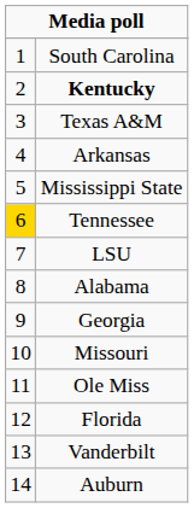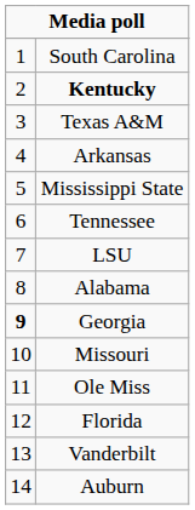 <table class="wikitable">
 <tr align="center">
 <td align="center" Colspan="3"><strong>Media poll</strong></td>
 </tr>
 <tr align="center">
 </tr>
 <tr align="center">
 <td>1</td>
 <td>South Carolina</td>
 </tr>
 <tr align="center">
 <td>2</td>
 <td><strong>Kentucky</strong></td>
 </tr>
 <tr align="center">
 <td>3</td>
 <td>Texas A&M</td>
 </tr>
 <tr align="center">
 <td>4</td>
 <td>Arkansas</td>
 </tr>
 <tr align="center">
 <td>5</td>
 <td>Mississippi State</td>
 </tr>
 <tr align="center">
-<td style="background: gold;">6</td>
+<td>6</td>
 <td>Tennessee</td>
 </tr>
 <tr align="center">
 <td>7</td>
 <td>LSU</td>
 </tr>
 <tr align="center">
 <td>8</td>
 <td>Alabama</td>
 </tr>
 <tr align="center">
-<td>9</td>
+<td><strong>9</strong></td>
 <td>Georgia</td>
 </tr>
 <tr align="center">
 <td>10</td>
 <td>Missouri</td>
 </tr>
 <tr align="center">
 <td>11</td>
 <td>Ole Miss</td>
 </tr>
 <tr align="center">
 <td>12</td>
 <td>Florida</td>
 </tr>
 <tr align="center">
 <td>13</td>
 <td>Vanderbilt</td>
 </tr>
 <tr align="center">
 <td>14</td>
 <td>Auburn</td>
 </tr>
 </table>
